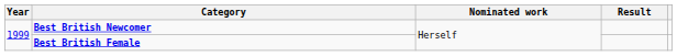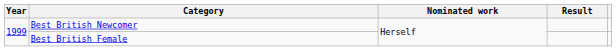 <table class="wikitable" width="74%">
 <tr>
 <th width="4%">Year</th>
 <th width="58%">Category</th>
 <th width="28%">Nominated work</th>
 <th width="10%">Result</th>
 <th width="5%"></th>
 </tr>
 <tr>
 <td rowspan="2"><a href='#'>1999</a></td>
-<td><strong><a href='#'>Best British Newcomer</a></strong></td>
+<td><a href='#'>Best British Newcomer</a></td>
 <td rowspan="2">Herself</td>
 <td></td>
 <td></td>
 </tr>
 <tr>
-<td><strong><a href='#'>Best British Female</a></strong></td>
+<td><a href='#'>Best British Female</a></td>
 <td></td>
 <td></td>
 </tr>
 </table>
